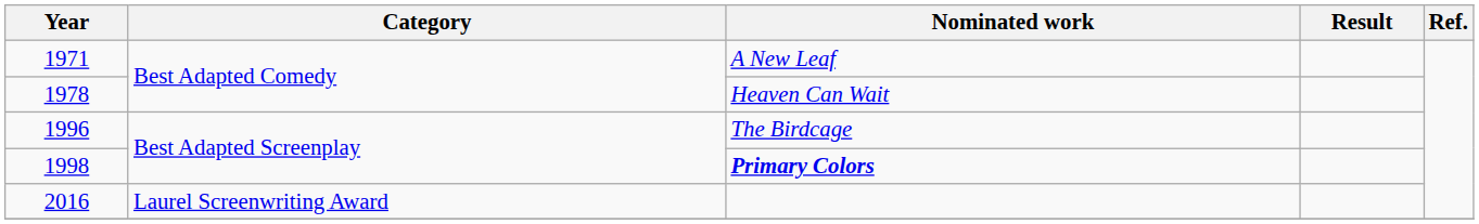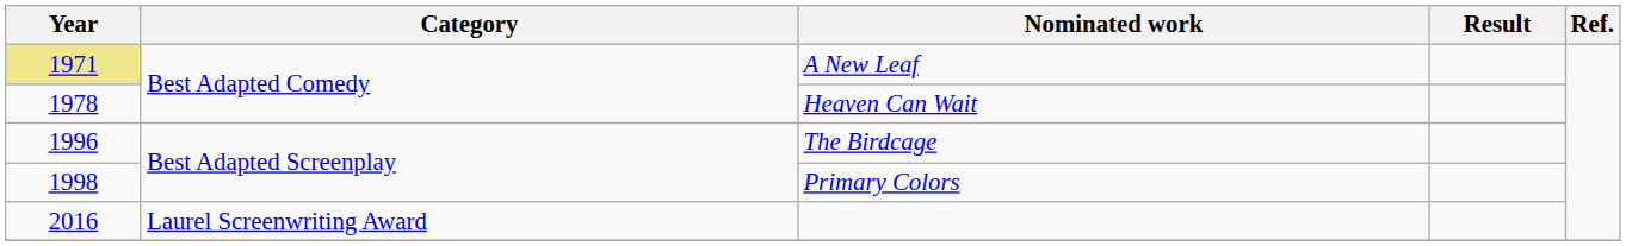 <table class=wikitable>
 <tr>
 <th scope="col" style="width:5em;">Year</th>
 <th scope="col" style="width:26em;">Category</th>
 <th scope="col" style="width:25em;">Nominated work</th>
 <th scope="col" style="width:5em;">Result</th>
 <th>Ref.</th>
 </tr>
 <tr>
-<td style="text-align:center;"><a href='#'>1971</a></td>
+<td style="background: khaki; text-align:center;"><a href='#'>1971</a></td>
 <td rowspan="2"><a href='#'>Best Adapted Comedy</a></td>
 <td><em><a href='#'>A New Leaf</a></em></td>
 <td></td>
 <td align="center" rowspan="5"></td>
 </tr>
 <tr>
 <td style="text-align:center;"><a href='#'>1978</a></td>
 <td><em><a href='#'>Heaven Can Wait</a></em> </td>
 <td></td>
 </tr>
 <tr>
 <td style="text-align:center;"><a href='#'>1996</a></td>
 <td rowspan="2"><a href='#'>Best Adapted Screenplay</a></td>
 <td><em><a href='#'>The Birdcage</a></em></td>
 <td></td>
 </tr>
 <tr>
 <td style="text-align:center;"><a href='#'>1998</a></td>
-<td><strong><em><a href='#'>Primary Colors</a></em></strong></td>
+<td><em><a href='#'>Primary Colors</a></em></td>
 <td></td>
 </tr>
 <tr>
 <td style="text-align:center;"><a href='#'>2016</a></td>
 <td><a href='#'>Laurel Screenwriting Award</a></td>
 <td></td>
 <td></td>
 </tr>
 <tr>
 </tr>
 </table>
